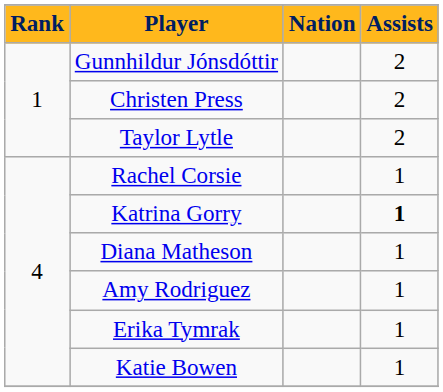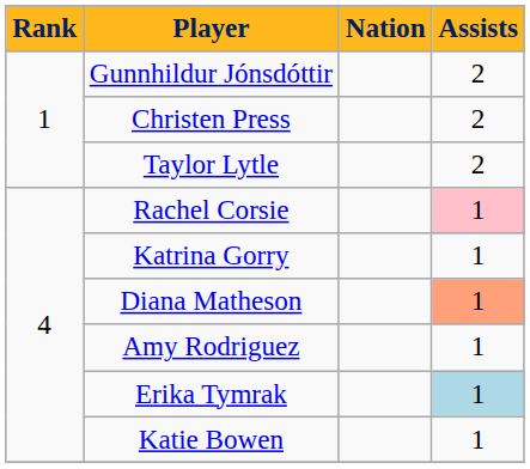 <table class="wikitable" style="font-size: 95%; text-align: center;">
 <tr>
 </tr>
 <tr>
 <th style="background:#FFB81C; color:#001E62; text-align:center;">Rank</th>
 <th style="background:#FFB81C; color:#001E62; text-align:center;">Player</th>
 <th style="background:#FFB81C; color:#001E62; text-align:center;">Nation</th>
 <th style="background:#FFB81C; color:#001E62; text-align:center;">Assists</th>
 </tr>
 <tr>
 <td rowspan="3">1</td>
 <td><a href='#'>Gunnhildur Jónsdóttir</a></td>
 <td></td>
 <td>2</td>
 </tr>
 <tr>
 <td><a href='#'>Christen Press</a></td>
 <td></td>
 <td>2</td>
 </tr>
 <tr>
 <td><a href='#'>Taylor Lytle</a></td>
 <td></td>
 <td>2</td>
 </tr>
 <tr>
 <td rowspan="6">4</td>
 <td><a href='#'>Rachel Corsie</a></td>
 <td></td>
-<td>1</td>
+<td style="background: pink;">1</td>
 </tr>
 <tr>
 <td><a href='#'>Katrina Gorry</a></td>
 <td></td>
-<td><strong>1</strong></td>
+<td>1</td>
 </tr>
 <tr>
 <td><a href='#'>Diana Matheson</a></td>
 <td></td>
-<td>1</td>
+<td style="background: lightsalmon;">1</td>
 </tr>
 <tr>
 <td><a href='#'>Amy Rodriguez</a></td>
 <td></td>
 <td>1</td>
 </tr>
 <tr>
 <td><a href='#'>Erika Tymrak</a></td>
 <td></td>
-<td>1</td>
+<td style="background: lightblue;">1</td>
 </tr>
 <tr>
 <td><a href='#'>Katie Bowen</a></td>
 <td></td>
 <td>1</td>
 </tr>
 <tr>
 </tr>
 </table>
